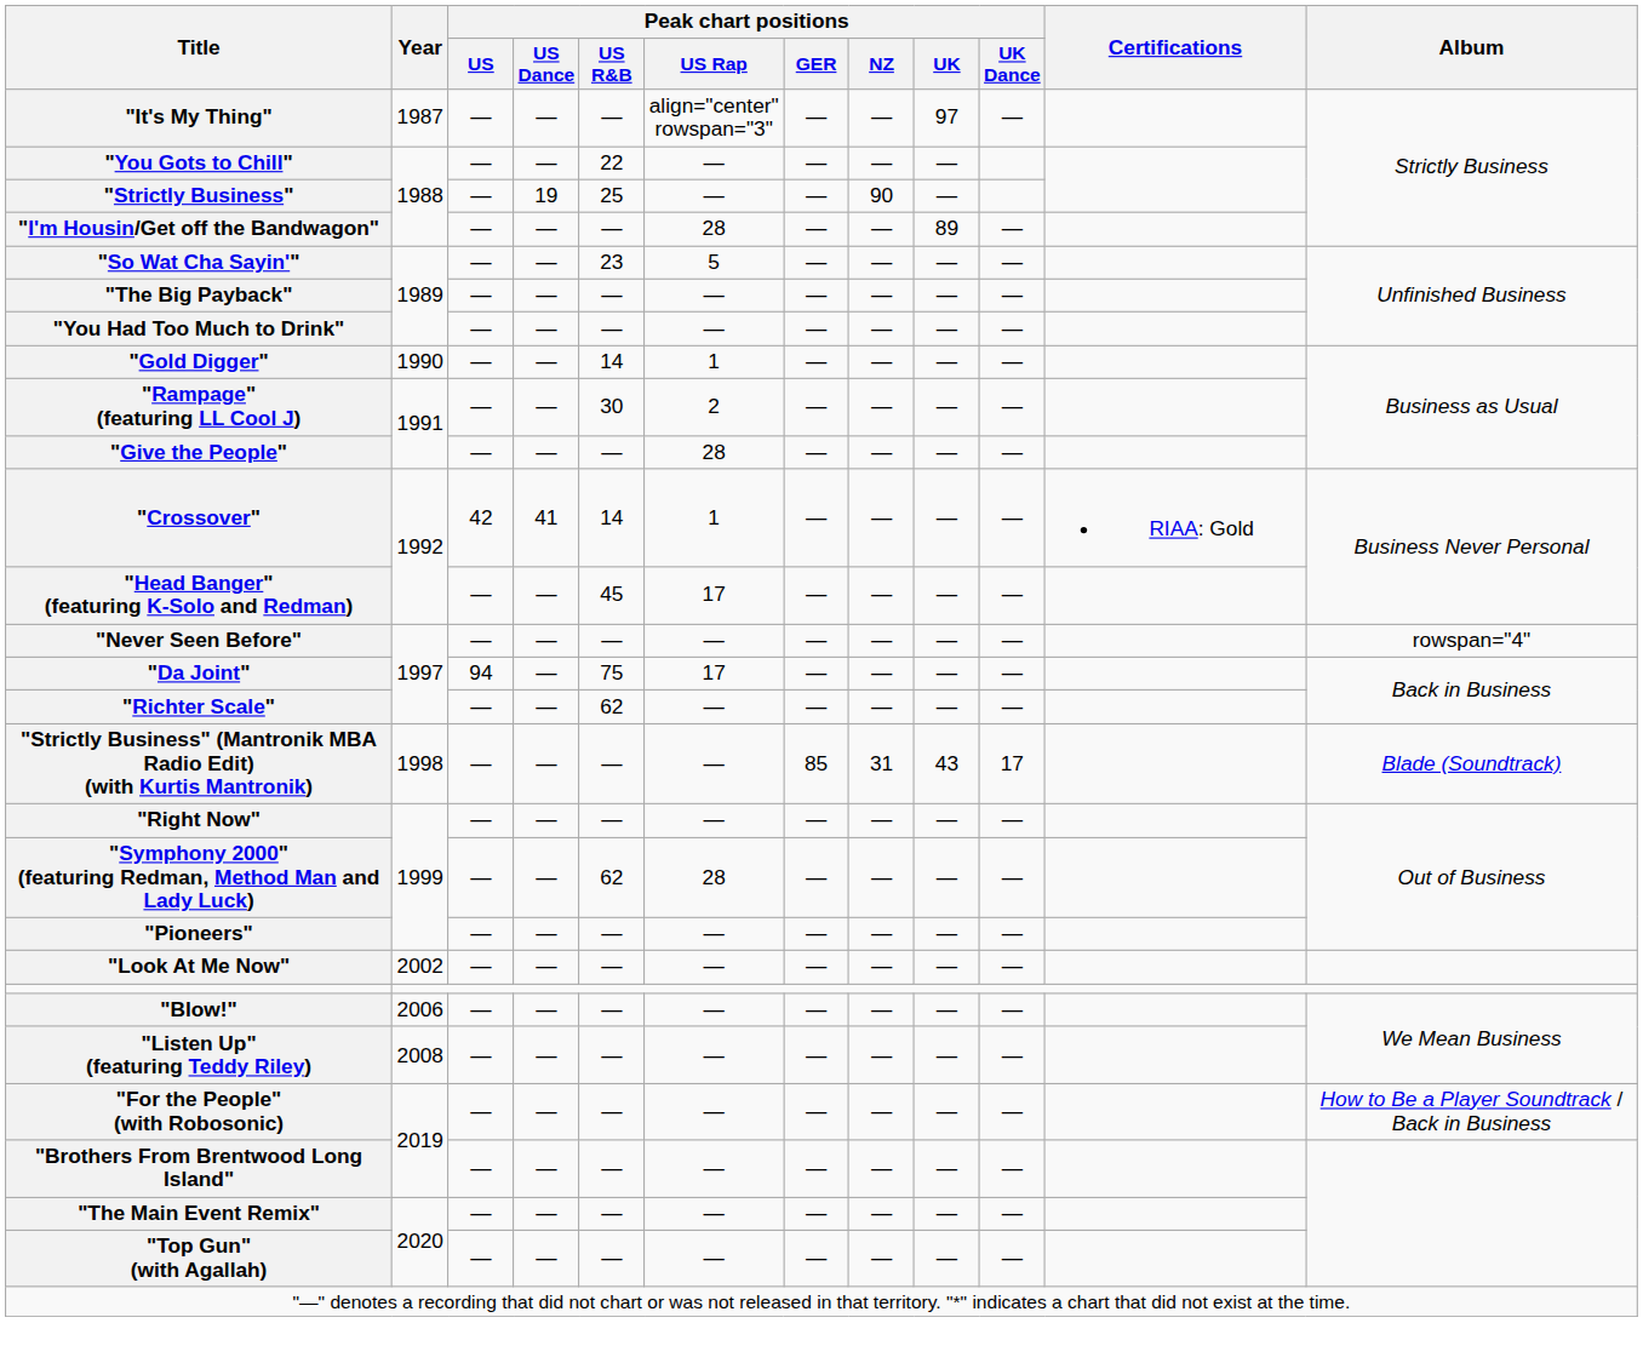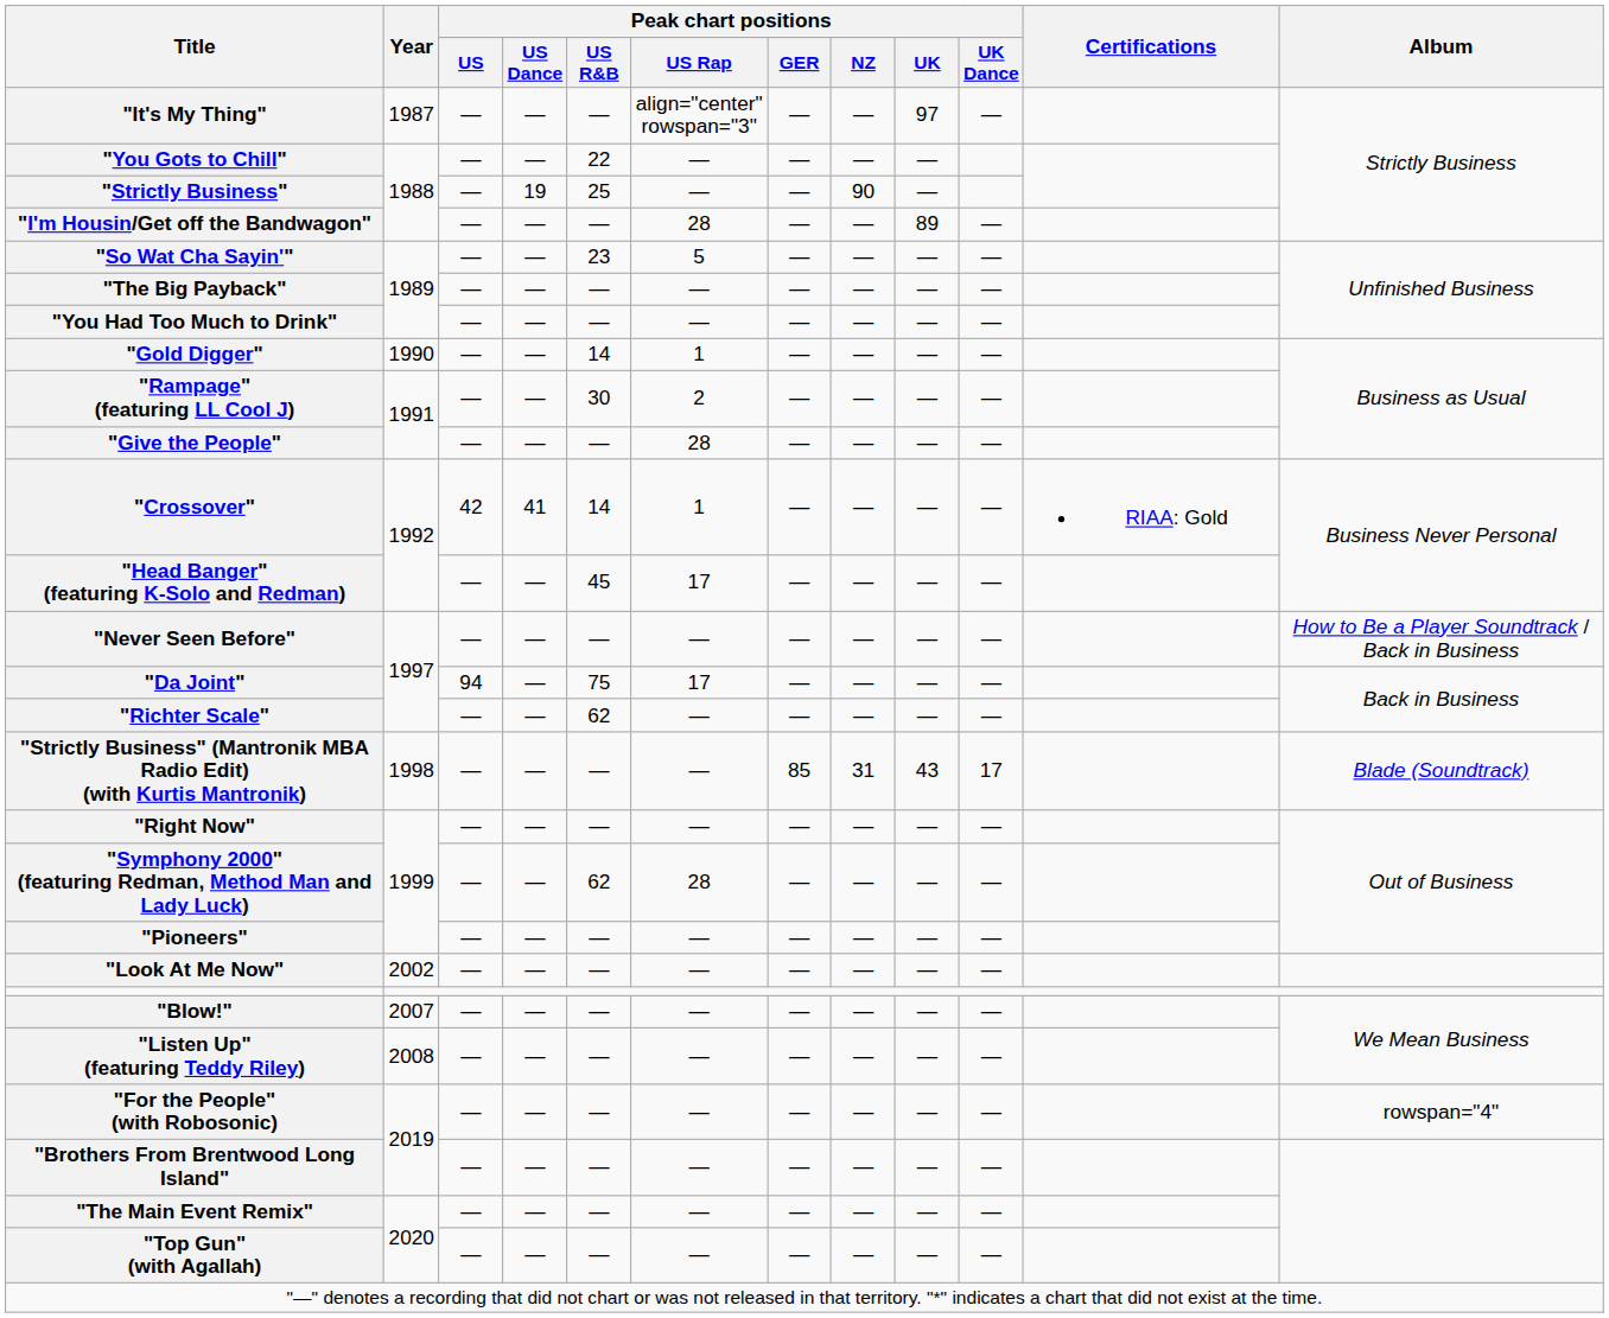 <table class="wikitable plainrowheaders" style="text-align:center;" border="1">
 <tr>
 <th scope="col" rowspan="2" style="width:18em;">Title</th>
 <th scope="col" rowspan="2">Year</th>
 <th scope="col" colspan="8">Peak chart positions</th>
 <th scope="col" rowspan="2" style="width:12em;"><a href='#'>Certifications</a></th>
 <th scope="col" rowspan="2">Album</th>
 </tr>
 <tr>
 <th scope="col" style="width:3em;font-size:90%;"><a href='#'>US</a><br></th>
 <th scope="col" style="width:3em;font-size:90%;"><a href='#'>US Dance</a><br></th>
 <th scope="col" style="width:3em;font-size:90%;"><a href='#'>US R&B</a><br></th>
 <th scope="col" style="width:3em;font-size:90%;"><a href='#'>US Rap</a><br></th>
 <th scope="col" style="width:3em;font-size:90%;"><a href='#'>GER</a><br></th>
 <th scope="col" style="width:3em;font-size:90%;"><a href='#'>NZ</a><br></th>
 <th scope="col" style="width:3em;font-size:90%;"><a href='#'>UK</a><br></th>
 <th scope="col" style="width:3em;font-size:90%;"><a href='#'>UK Dance</a><br></th>
 </tr>
 <tr>
 <th scope="row">"It's My Thing"</th>
 <td>1987</td>
 <td align="center">—</td>
 <td align="center">—</td>
 <td align="center">—</td>
 <td>align="center" rowspan="3" </td>
 <td align="center">—</td>
 <td align="center">—</td>
 <td align="center">97</td>
 <td align="center">—</td>
 <td></td>
 <td rowspan="4"><em>Strictly Business</em></td>
 </tr>
 <tr>
 <th scope="row">"<a href='#'>You Gots to Chill</a>"</th>
 <td align="center" rowspan="3">1988</td>
 <td align="center">—</td>
 <td align="center">—</td>
 <td align="center">22</td>
 <td align="center">—</td>
 <td align="center">—</td>
 <td align="center">—</td>
 <td align="center">—</td>
 <td></td>
 </tr>
 <tr>
 <th scope="row">"<a href='#'>Strictly Business</a>"</th>
 <td align="center">—</td>
 <td align="center">19</td>
 <td align="center">25</td>
 <td align="center">—</td>
 <td align="center">—</td>
 <td align="center">90</td>
 <td align="center">—</td>
 <td></td>
 </tr>
 <tr>
 <th scope="row">"<a href='#'>I'm Housin</a>/Get off the Bandwagon"</th>
 <td align="center">—</td>
 <td align="center">—</td>
 <td align="center">—</td>
 <td align="center">28</td>
 <td align="center">—</td>
 <td align="center">—</td>
 <td align="center">89</td>
 <td align="center">—</td>
 <td></td>
 </tr>
 <tr>
 <th scope="row">"<a href='#'>So Wat Cha Sayin'</a>"</th>
 <td align="center" rowspan="3">1989</td>
 <td align="center">—</td>
 <td align="center">—</td>
 <td align="center">23</td>
 <td align="center">5</td>
 <td align="center">—</td>
 <td align="center">—</td>
 <td align="center">—</td>
 <td align="center">—</td>
 <td></td>
 <td rowspan="3"><em>Unfinished Business</em></td>
 </tr>
 <tr>
 <th scope="row">"The Big Payback"</th>
 <td align="center">—</td>
 <td align="center">—</td>
 <td align="center">—</td>
 <td align="center">—</td>
 <td align="center">—</td>
 <td align="center">—</td>
 <td align="center">—</td>
 <td align="center">—</td>
 <td></td>
 </tr>
 <tr>
 <th scope="row">"You Had Too Much to Drink"</th>
 <td align="center">—</td>
 <td align="center">—</td>
 <td align="center">—</td>
 <td align="center">—</td>
 <td align="center">—</td>
 <td align="center">—</td>
 <td align="center">—</td>
 <td align="center">—</td>
 <td></td>
 </tr>
 <tr>
 <th scope="row">"<a href='#'>Gold Digger</a>"</th>
 <td>1990</td>
 <td align="center">—</td>
 <td align="center">—</td>
 <td align="center">14</td>
 <td align="center">1</td>
 <td align="center">—</td>
 <td align="center">—</td>
 <td align="center">—</td>
 <td align="center">—</td>
 <td></td>
 <td rowspan="3"><em>Business as Usual</em></td>
 </tr>
 <tr>
 <th scope="row">"<a href='#'>Rampage</a>" <br><span>(featuring <a href='#'>LL Cool J</a>)</span></th>
 <td align="center" rowspan="2">1991</td>
 <td align="center">—</td>
 <td align="center">—</td>
 <td align="center">30</td>
 <td align="center">2</td>
 <td align="center">—</td>
 <td align="center">—</td>
 <td align="center">—</td>
 <td align="center">—</td>
 <td></td>
 </tr>
 <tr>
 <th scope="row">"<a href='#'>Give the People</a>"</th>
 <td align="center">—</td>
 <td align="center">—</td>
 <td align="center">—</td>
 <td align="center">28</td>
 <td align="center">—</td>
 <td align="center">—</td>
 <td align="center">—</td>
 <td align="center">—</td>
 <td></td>
 </tr>
 <tr>
 <th scope="row">"<a href='#'>Crossover</a>"</th>
 <td align="center" rowspan="2">1992</td>
 <td align="center">42</td>
 <td align="center">41</td>
 <td align="center">14</td>
 <td align="center">1</td>
 <td align="center">—</td>
 <td align="center">—</td>
 <td align="center">—</td>
 <td align="center">—</td>
 <td><br><ul><li><a href='#'>RIAA</a>: Gold</li></ul></td>
 <td rowspan="2"><em>Business Never Personal</em></td>
 </tr>
 <tr>
 <th scope="row">"<a href='#'>Head Banger</a>" <br><span>(featuring <a href='#'>K-Solo</a> and <a href='#'>Redman</a>)</span></th>
 <td align="center">—</td>
 <td align="center">—</td>
 <td align="center">45</td>
 <td align="center">17</td>
 <td align="center">—</td>
 <td align="center">—</td>
 <td align="center">—</td>
 <td align="center">—</td>
 <td></td>
 </tr>
 <tr>
 <th scope="row">"Never Seen Before"</th>
 <td align="center" rowspan="3">1997</td>
 <td align="center">—</td>
 <td align="center">—</td>
 <td align="center">—</td>
 <td align="center">—</td>
 <td align="center">—</td>
 <td align="center">—</td>
 <td align="center">—</td>
 <td align="center">—</td>
 <td></td>
-<td>rowspan="4" </td>
+<td><em><a href='#'>How to Be a Player Soundtrack</a></em> / <em>Back in Business</em></td>
 </tr>
 <tr>
 <th scope="row">"<a href='#'>Da Joint</a>"</th>
 <td align="center">94</td>
 <td align="center">—</td>
 <td align="center">75</td>
 <td align="center">17</td>
 <td align="center">—</td>
 <td align="center">—</td>
 <td align="center">—</td>
 <td align="center">—</td>
 <td></td>
 <td rowspan="2"><em>Back in Business</em></td>
 </tr>
 <tr>
 <th scope="row">"<a href='#'>Richter Scale</a>"</th>
 <td align="center">—</td>
 <td align="center">—</td>
 <td align="center">62</td>
 <td align="center">—</td>
 <td align="center">—</td>
 <td align="center">—</td>
 <td align="center">—</td>
 <td align="center">—</td>
 <td></td>
 </tr>
 <tr>
 <th scope="row">"Strictly Business" (Mantronik MBA Radio Edit)<br><span>(with <a href='#'>Kurtis Mantronik</a>)</span></th>
 <td>1998</td>
 <td align="center">—</td>
 <td align="center">—</td>
 <td align="center">—</td>
 <td align="center">—</td>
 <td align="center">85</td>
 <td align="center">31</td>
 <td align="center">43</td>
 <td align="center">17</td>
 <td></td>
 <td align="center"><em><a href='#'>Blade (Soundtrack)</a></em></td>
 </tr>
 <tr>
 <th scope="row">"Right Now"</th>
 <td align="center" rowspan="3">1999</td>
 <td align="center">—</td>
 <td align="center">—</td>
 <td align="center">—</td>
 <td align="center">—</td>
 <td align="center">—</td>
 <td align="center">—</td>
 <td align="center">—</td>
 <td align="center">—</td>
 <td></td>
 <td rowspan="3"><em>Out of Business</em></td>
 </tr>
 <tr>
 <th scope="row">"<a href='#'>Symphony 2000</a>" <br><span>(featuring Redman, <a href='#'>Method Man</a> and <a href='#'>Lady Luck</a>)</span></th>
 <td align="center">—</td>
 <td align="center">—</td>
 <td align="center">62</td>
 <td align="center">28</td>
 <td align="center">—</td>
 <td align="center">—</td>
 <td align="center">—</td>
 <td align="center">—</td>
 <td></td>
 </tr>
 <tr>
 <th scope="row">"Pioneers"</th>
 <td align="center">—</td>
 <td align="center">—</td>
 <td align="center">—</td>
 <td align="center">—</td>
 <td align="center">—</td>
 <td align="center">—</td>
 <td align="center">—</td>
 <td align="center">—</td>
 <td></td>
 </tr>
 <tr>
 <th scope="row">"Look At Me Now"</th>
 <td>2002</td>
 <td align="center">—</td>
 <td align="center">—</td>
 <td align="center">—</td>
 <td align="center">—</td>
 <td align="center">—</td>
 <td align="center">—</td>
 <td align="center">—</td>
 <td align="center">—</td>
 <td></td>
 <td></td>
 </tr>
 <tr>
 <td></td>
 </tr>
 <tr>
 <th scope="row">"Blow!"</th>
-<td>2006</td>
+<td>2007</td>
 <td align="center">—</td>
 <td align="center">—</td>
 <td align="center">—</td>
 <td align="center">—</td>
 <td align="center">—</td>
 <td align="center">—</td>
 <td align="center">—</td>
 <td align="center">—</td>
 <td></td>
 <td rowspan="2"><em>We Mean Business</em></td>
 </tr>
 <tr>
 <th scope="row">"Listen Up" <br><span>(featuring <a href='#'>Teddy Riley</a>)</span></th>
 <td>2008</td>
 <td align="center">—</td>
 <td align="center">—</td>
 <td align="center">—</td>
 <td align="center">—</td>
 <td align="center">—</td>
 <td align="center">—</td>
 <td align="center">—</td>
 <td align="center">—</td>
 <td></td>
 </tr>
 <tr>
 <th scope="row">"For the People"<br><span>(with Robosonic)</span></th>
 <td align="center" rowspan="2">2019</td>
 <td align="center">—</td>
 <td align="center">—</td>
 <td align="center">—</td>
 <td align="center">—</td>
 <td align="center">—</td>
 <td align="center">—</td>
 <td align="center">—</td>
 <td align="center">—</td>
 <td></td>
-<td><em><a href='#'>How to Be a Player Soundtrack</a></em> / <em>Back in Business</em></td>
+<td>rowspan="4" </td>
 </tr>
 <tr>
 <th scope="row">"Brothers From Brentwood Long Island"</th>
 <td align="center">—</td>
 <td align="center">—</td>
 <td align="center">—</td>
 <td align="center">—</td>
 <td align="center">—</td>
 <td align="center">—</td>
 <td align="center">—</td>
 <td align="center">—</td>
 <td></td>
 </tr>
 <tr>
 <th scope="row">"The Main Event Remix"</th>
 <td align="center" rowspan="2">2020</td>
 <td align="center">—</td>
 <td align="center">—</td>
 <td align="center">—</td>
 <td align="center">—</td>
 <td align="center">—</td>
 <td align="center">—</td>
 <td align="center">—</td>
 <td align="center">—</td>
 <td></td>
 </tr>
 <tr>
 <th scope="row">"Top Gun"<br><span>(with Agallah)</span></th>
 <td align="center">—</td>
 <td align="center">—</td>
 <td align="center">—</td>
 <td align="center">—</td>
 <td align="center">—</td>
 <td align="center">—</td>
 <td align="center">—</td>
 <td align="center">—</td>
 <td></td>
 </tr>
 <tr>
 <td colspan="15" style="font-size:90%">"—" denotes a recording that did not chart or was not released in that territory. "*" indicates a chart that did not exist at the time.</td>
 </tr>
 </table>
